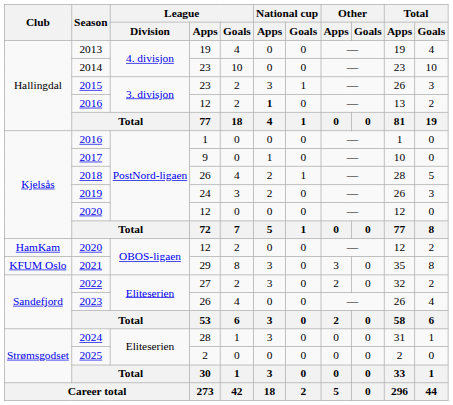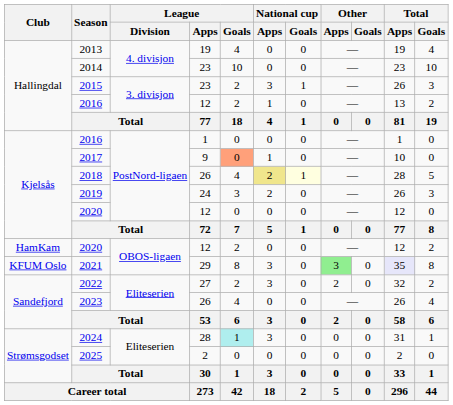 <table class="wikitable" style="text-align: center;">
 <tr>
 <th rowspan="2">Club</th>
 <th rowspan="2">Season</th>
 <th colspan="3">League</th>
 <th colspan="2">National cup</th>
 <th colspan="2">Other</th>
 <th colspan="2">Total</th>
 </tr>
 <tr>
 <th>Division</th>
 <th>Apps</th>
 <th>Goals</th>
 <th>Apps</th>
 <th>Goals</th>
 <th>Apps</th>
 <th>Goals</th>
 <th>Apps</th>
 <th>Goals</th>
 </tr>
 <tr>
 <td rowspan="5">Hallingdal</td>
 <td>2013</td>
 <td rowspan="2"><a href='#'>4. divisjon</a></td>
 <td>19</td>
 <td>4</td>
 <td>0</td>
 <td>0</td>
 <td colspan="2">—</td>
 <td>19</td>
 <td>4</td>
 </tr>
 <tr>
 <td>2014</td>
 <td>23</td>
 <td>10</td>
 <td>0</td>
 <td>0</td>
 <td colspan="2">—</td>
 <td>23</td>
 <td>10</td>
 </tr>
 <tr>
 <td><a href='#'>2015</a></td>
 <td rowspan="2"><a href='#'>3. divisjon</a></td>
 <td>23</td>
 <td>2</td>
 <td>3</td>
 <td>1</td>
 <td colspan="2">—</td>
 <td>26</td>
 <td>3</td>
 </tr>
 <tr>
 <td><a href='#'>2016</a></td>
 <td>12</td>
 <td>2</td>
-<td><strong>1</strong></td>
+<td>1</td>
 <td>0</td>
 <td colspan="2">—</td>
 <td>13</td>
 <td>2</td>
 </tr>
 <tr>
 <th colspan="2">Total</th>
 <th>77</th>
 <th>18</th>
 <th>4</th>
 <th>1</th>
 <th>0</th>
 <th>0</th>
 <th>81</th>
 <th>19</th>
 </tr>
 <tr>
 <td rowspan="6"><a href='#'>Kjelsås</a></td>
 <td><a href='#'>2016</a></td>
 <td rowspan="5"><a href='#'>PostNord-ligaen</a></td>
 <td>1</td>
 <td>0</td>
 <td>0</td>
 <td>0</td>
 <td colspan="2">—</td>
 <td>1</td>
 <td>0</td>
 </tr>
 <tr>
 <td><a href='#'>2017</a></td>
 <td>9</td>
-<td>0</td>
+<td style="background: lightsalmon;">0</td>
 <td>1</td>
 <td>0</td>
 <td colspan="2">—</td>
 <td>10</td>
 <td>0</td>
 </tr>
 <tr>
 <td><a href='#'>2018</a></td>
 <td>26</td>
 <td>4</td>
-<td>2</td>
-<td>1</td>
+<td style="background: khaki;">2</td>
+<td style="background: lightyellow;">1</td>
 <td colspan="2">—</td>
 <td>28</td>
 <td>5</td>
 </tr>
 <tr>
 <td><a href='#'>2019</a></td>
 <td>24</td>
 <td>3</td>
 <td>2</td>
 <td>0</td>
 <td colspan="2">—</td>
 <td>26</td>
 <td>3</td>
 </tr>
 <tr>
 <td><a href='#'>2020</a></td>
 <td>12</td>
 <td>0</td>
 <td>0</td>
 <td>0</td>
 <td colspan="2">—</td>
 <td>12</td>
 <td>0</td>
 </tr>
 <tr>
 <th colspan="2">Total</th>
 <th>72</th>
 <th>7</th>
 <th>5</th>
 <th>1</th>
 <th>0</th>
 <th>0</th>
 <th>77</th>
 <th>8</th>
 </tr>
 <tr>
 <td><a href='#'>HamKam</a></td>
 <td><a href='#'>2020</a></td>
 <td rowspan="2"><a href='#'>OBOS-ligaen</a></td>
 <td>12</td>
 <td>2</td>
 <td>0</td>
 <td>0</td>
 <td colspan="2">—</td>
 <td>12</td>
 <td>2</td>
 </tr>
 <tr>
 <td><a href='#'>KFUM Oslo</a></td>
 <td><a href='#'>2021</a></td>
 <td>29</td>
 <td>8</td>
 <td>3</td>
 <td>0</td>
-<td>3</td>
+<td style="background: lightgreen;">3</td>
 <td>0</td>
-<td>35</td>
+<td style="background: lavender;">35</td>
 <td>8</td>
 </tr>
 <tr>
 <td rowspan="3"><a href='#'>Sandefjord</a></td>
 <td><a href='#'>2022</a></td>
 <td rowspan="2"><a href='#'>Eliteserien</a></td>
 <td>27</td>
 <td>2</td>
 <td>3</td>
 <td>0</td>
 <td>2</td>
 <td>0</td>
 <td>32</td>
 <td>2</td>
 </tr>
 <tr>
 <td><a href='#'>2023</a></td>
 <td>26</td>
 <td>4</td>
 <td>0</td>
 <td>0</td>
 <td colspan="2">—</td>
 <td>26</td>
 <td>4</td>
 </tr>
 <tr>
 <th colspan="2">Total</th>
 <th>53</th>
 <th>6</th>
 <th>3</th>
 <th>0</th>
 <th>2</th>
 <th>0</th>
 <th>58</th>
 <th>6</th>
 </tr>
 <tr>
 <td rowspan="3"><a href='#'>Strømsgodset</a></td>
 <td><a href='#'>2024</a></td>
 <td rowspan="2">Eliteserien</td>
 <td>28</td>
-<td>1</td>
+<td style="background: paleturquoise;">1</td>
 <td>3</td>
 <td>0</td>
 <td>0</td>
 <td>0</td>
 <td>31</td>
 <td>1</td>
 </tr>
 <tr>
 <td><a href='#'>2025</a></td>
 <td>2</td>
 <td>0</td>
 <td>0</td>
 <td>0</td>
 <td>0</td>
 <td>0</td>
 <td>2</td>
 <td>0</td>
 </tr>
 <tr>
 <th colspan="2">Total</th>
 <th>30</th>
 <th>1</th>
 <th>3</th>
 <th>0</th>
 <th>0</th>
 <th>0</th>
 <th>33</th>
 <th>1</th>
 </tr>
 <tr>
 <th colspan="3">Career total</th>
 <th>273</th>
 <th>42</th>
 <th>18</th>
 <th>2</th>
 <th>5</th>
 <th>0</th>
 <th>296</th>
 <th>44</th>
 </tr>
 </table>
